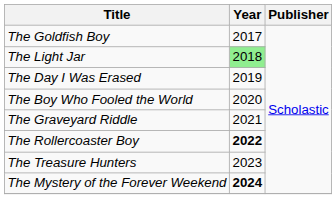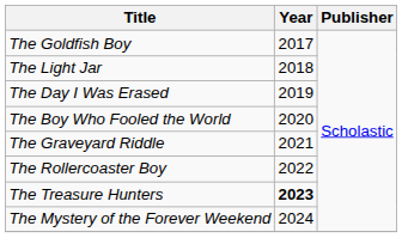 <table class="wikitable">
 <tr>
 <th>Title</th>
 <th>Year</th>
 <th>Publisher</th>
 </tr>
 <tr>
 <td><em>The Goldfish Boy</em></td>
 <td>2017</td>
 <td rowspan="8"><a href='#'>Scholastic</a></td>
 </tr>
 <tr>
 <td><em>The Light Jar</em></td>
-<td style="background: lightgreen;">2018</td>
+<td>2018</td>
 </tr>
 <tr>
 <td><em>The Day I Was Erased</em></td>
 <td>2019</td>
 </tr>
 <tr>
 <td><em>The Boy Who Fooled the World</em></td>
 <td>2020</td>
 </tr>
 <tr>
 <td><em>The Graveyard Riddle</em></td>
 <td>2021</td>
 </tr>
 <tr>
 <td><em>The Rollercoaster Boy</em></td>
-<td><strong>2022</strong></td>
+<td>2022</td>
 </tr>
 <tr>
 <td><em>The Treasure Hunters</em></td>
-<td>2023</td>
+<td><strong>2023</strong></td>
 </tr>
 <tr>
 <td><em>The Mystery of the Forever Weekend</em></td>
-<td><strong>2024</strong></td>
+<td>2024</td>
 </tr>
 <tr>
 </tr>
 </table>
